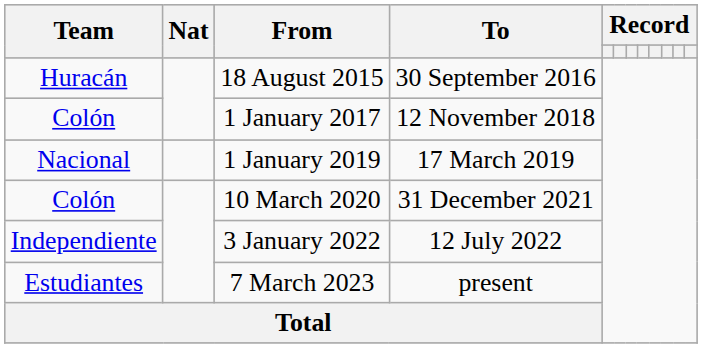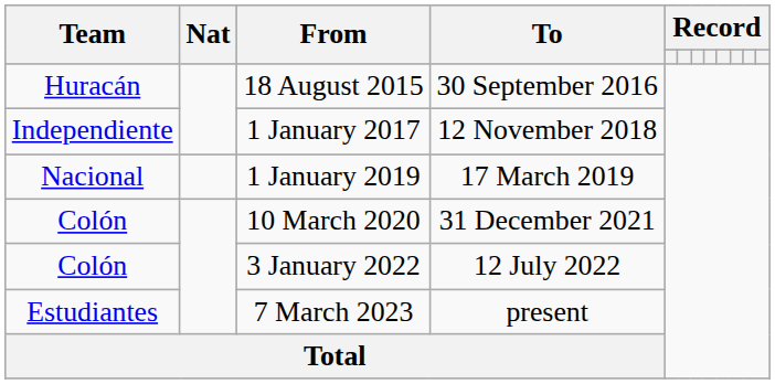 <table class="wikitable" tyle="text-align: center">
 <tr>
 <th rowspan="2">Team</th>
 <th rowspan="2">Nat</th>
 <th rowspan="2">From</th>
 <th rowspan="2">To</th>
 <th colspan="8">Record</th>
 </tr>
 <tr>
 <th></th>
 <th></th>
 <th></th>
 <th></th>
 <th></th>
 <th></th>
 <th></th>
 <th></th>
 </tr>
 <tr>
 <td align=center><a href='#'>Huracán</a></td>
 <td rowspan="2"></td>
 <td align=center>18 August 2015</td>
 <td align=center>30 September 2016<br></td>
 </tr>
 <tr>
-<td align=center><a href='#'>Colón</a></td>
+<td align=center><a href='#'>Independiente</a></td>
 <td align=center>1 January 2017</td>
 <td align=center>12 November 2018<br></td>
 </tr>
 <tr>
 <td align=center><a href='#'>Nacional</a></td>
 <td></td>
 <td align=center>1 January 2019</td>
 <td align=center>17 March 2019<br></td>
 </tr>
 <tr>
 <td align=center><a href='#'>Colón</a></td>
 <td rowspan="3"></td>
 <td align=center>10 March 2020</td>
 <td align=center>31 December 2021<br></td>
 </tr>
 <tr>
-<td align=center><a href='#'>Independiente</a></td>
+<td align=center><a href='#'>Colón</a></td>
 <td align=center>3 January 2022</td>
 <td align=center>12 July 2022<br></td>
 </tr>
 <tr>
 <td align=center><a href='#'>Estudiantes</a></td>
 <td align=center>7 March 2023</td>
 <td align=center>present<br></td>
 </tr>
 <tr>
 <th colspan="4">Total<br></th>
 </tr>
 </table>
